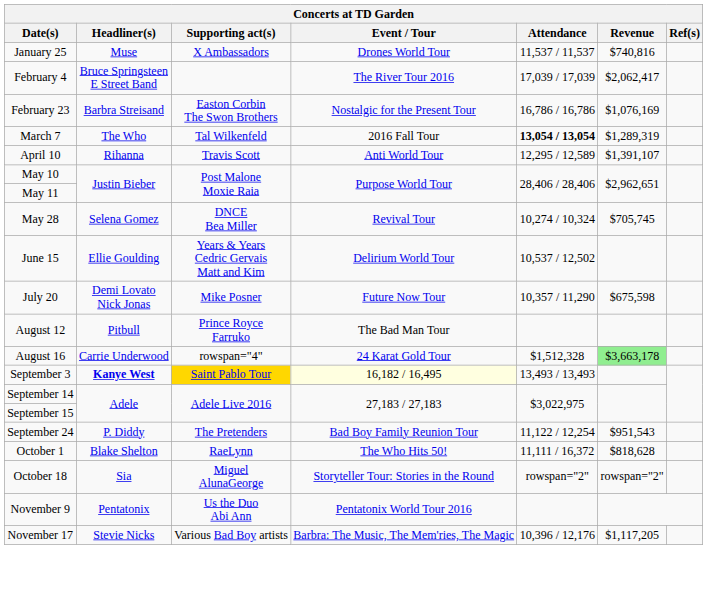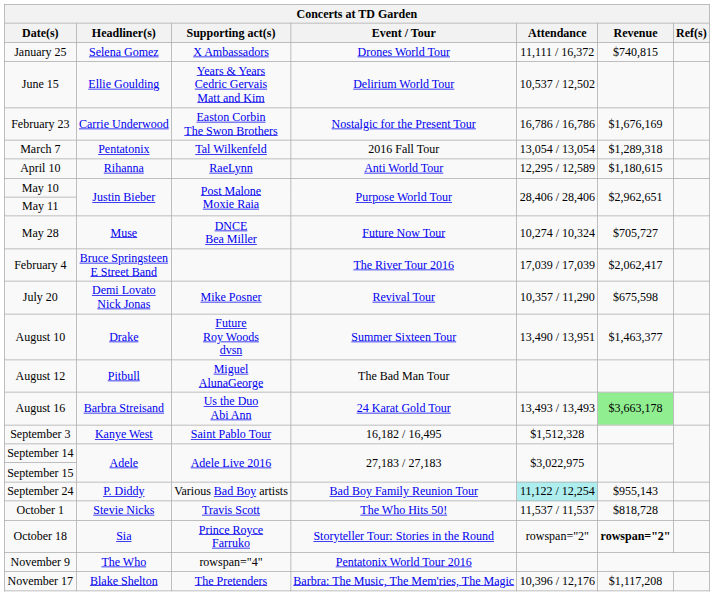 <table class="wikitable mw-collapsible mw-collapsed" style="text-align:center;">
 <tr>
 <th colspan="7">Concerts at TD Garden</th>
 </tr>
 <tr>
 <th>Date(s)</th>
 <th>Headliner(s)</th>
 <th>Supporting act(s)</th>
 <th>Event / Tour</th>
 <th>Attendance</th>
 <th>Revenue</th>
 <th>Ref(s)</th>
 </tr>
 <tr>
 <td>January 25</td>
-<td><a href='#'>Muse</a></td>
+<td><a href='#'>Selena Gomez</a></td>
 <td><a href='#'>X Ambassadors</a></td>
 <td><a href='#'>Drones World Tour</a></td>
-<td>11,537 / 11,537</td>
-<td>$740,816</td>
+<td>11,111 / 16,372</td>
+<td>$740,815</td>
 <td></td>
 </tr>
 <tr>
-<td>February 4</td>
-<td><a href='#'>Bruce Springsteen</a><br><a href='#'>E Street Band</a></td>
+<td>June 15</td>
+<td><a href='#'>Ellie Goulding</a></td>
+<td><a href='#'>Years & Years</a><br><a href='#'>Cedric Gervais</a><br><a href='#'>Matt and Kim</a></td>
+<td><a href='#'>Delirium World Tour</a></td>
+<td>10,537 / 12,502</td>
 <td></td>
-<td><a href='#'>The River Tour 2016</a></td>
-<td>17,039 / 17,039</td>
-<td>$2,062,417</td>
 <td></td>
 </tr>
 <tr>
 <td>February 23</td>
-<td><a href='#'>Barbra Streisand</a></td>
+<td><a href='#'>Carrie Underwood</a></td>
 <td><a href='#'>Easton Corbin</a><br><a href='#'>The Swon Brothers</a></td>
 <td><a href='#'>Nostalgic for the Present Tour</a></td>
 <td>16,786 / 16,786</td>
-<td>$1,076,169</td>
+<td>$1,676,169</td>
 <td></td>
 </tr>
 <tr>
 <td>March 7</td>
-<td><a href='#'>The Who</a></td>
+<td><a href='#'>Pentatonix</a></td>
 <td><a href='#'>Tal Wilkenfeld</a></td>
 <td>2016 Fall Tour</td>
-<td><strong>13,054 / 13,054</strong></td>
-<td>$1,289,319</td>
+<td>13,054 / 13,054</td>
+<td>$1,289,318</td>
 <td></td>
 </tr>
 <tr>
 <td>April 10</td>
 <td><a href='#'>Rihanna</a></td>
-<td><a href='#'>Travis Scott</a></td>
+<td><a href='#'>RaeLynn</a></td>
 <td><a href='#'>Anti World Tour</a></td>
 <td>12,295 / 12,589</td>
-<td>$1,391,107</td>
+<td>$1,180,615</td>
 <td></td>
 </tr>
 <tr>
 <td>May 10</td>
 <td rowspan="2"><a href='#'>Justin Bieber</a></td>
 <td rowspan="2"><a href='#'>Post Malone</a><br><a href='#'>Moxie Raia</a></td>
 <td rowspan="2"><a href='#'>Purpose World Tour</a></td>
 <td rowspan="2">28,406 / 28,406</td>
 <td rowspan="2">$2,962,651</td>
 <td rowspan="2"></td>
 </tr>
 <tr>
 <td>May 11</td>
 </tr>
 <tr>
 <td>May 28</td>
-<td><a href='#'>Selena Gomez</a></td>
+<td><a href='#'>Muse</a></td>
 <td><a href='#'>DNCE</a><br><a href='#'>Bea Miller</a></td>
-<td><a href='#'>Revival Tour</a></td>
+<td><a href='#'>Future Now Tour</a></td>
 <td>10,274 / 10,324</td>
-<td>$705,745</td>
+<td>$705,727</td>
 <td></td>
 </tr>
 <tr>
-<td>June 15</td>
-<td><a href='#'>Ellie Goulding</a></td>
-<td><a href='#'>Years & Years</a><br><a href='#'>Cedric Gervais</a><br><a href='#'>Matt and Kim</a></td>
-<td><a href='#'>Delirium World Tour</a></td>
-<td>10,537 / 12,502</td>
+<td>February 4</td>
+<td><a href='#'>Bruce Springsteen</a><br><a href='#'>E Street Band</a></td>
 <td></td>
+<td><a href='#'>The River Tour 2016</a></td>
+<td>17,039 / 17,039</td>
+<td>$2,062,417</td>
 <td></td>
 </tr>
 <tr>
 <td>July 20</td>
 <td><a href='#'>Demi Lovato</a><br><a href='#'>Nick Jonas</a></td>
 <td><a href='#'>Mike Posner</a></td>
-<td><a href='#'>Future Now Tour</a></td>
+<td><a href='#'>Revival Tour</a></td>
 <td>10,357 / 11,290</td>
 <td>$675,598</td>
 <td></td>
 </tr>
 <tr>
+<td>August 10</td>
+<td><a href='#'>Drake</a></td>
+<td><a href='#'>Future</a><br><a href='#'>Roy Woods</a><br><a href='#'>dvsn</a></td>
+<td><a href='#'>Summer Sixteen Tour</a></td>
+<td>13,490 / 13,951</td>
+<td>$1,463,377</td>
+<td></td>
+</tr>
+<tr>
 <td>August 12</td>
 <td><a href='#'>Pitbull</a></td>
-<td><a href='#'>Prince Royce</a><br><a href='#'>Farruko</a></td>
+<td><a href='#'>Miguel</a><br><a href='#'>AlunaGeorge</a></td>
 <td>The Bad Man Tour</td>
 <td></td>
 <td></td>
 <td></td>
 </tr>
 <tr>
 <td>August 16</td>
-<td><a href='#'>Carrie Underwood</a></td>
-<td>rowspan="4" </td>
+<td><a href='#'>Barbra Streisand</a></td>
+<td><a href='#'>Us the Duo</a><br><a href='#'>Abi Ann</a></td>
 <td><a href='#'>24 Karat Gold Tour</a></td>
-<td>$1,512,328</td>
+<td>13,493 / 13,493</td>
 <td style="background: lightgreen;">$3,663,178</td>
 <td></td>
 </tr>
 <tr>
 <td>September 3</td>
-<td><strong><a href='#'>Kanye West</a></strong></td>
-<td style="background: gold;"><a href='#'>Saint Pablo Tour</a></td>
-<td style="background: lightyellow;">16,182 / 16,495</td>
-<td>13,493 / 13,493</td>
+<td><a href='#'>Kanye West</a></td>
+<td><a href='#'>Saint Pablo Tour</a></td>
+<td>16,182 / 16,495</td>
+<td>$1,512,328</td>
 <td></td>
 </tr>
 <tr>
 <td>September 14</td>
 <td rowspan="2"><a href='#'>Adele</a></td>
 <td rowspan="2"><a href='#'>Adele Live 2016</a></td>
 <td rowspan="2">27,183 / 27,183</td>
 <td rowspan="2">$3,022,975</td>
 <td rowspan="2"></td>
 </tr>
 <tr>
 <td>September 15</td>
 </tr>
 <tr>
 <td>September 24</td>
 <td><a href='#'>P. Diddy</a></td>
-<td><a href='#'>The Pretenders</a></td>
+<td>Various <a href='#'>Bad Boy</a> artists</td>
 <td><a href='#'>Bad Boy Family Reunion Tour</a></td>
-<td>11,122 / 12,254</td>
-<td>$951,543</td>
+<td style="background: paleturquoise;">11,122 / 12,254</td>
+<td>$955,143</td>
 <td></td>
 </tr>
 <tr>
 <td>October 1</td>
-<td><a href='#'>Blake Shelton</a></td>
-<td><a href='#'>RaeLynn</a></td>
+<td><a href='#'>Stevie Nicks</a></td>
+<td><a href='#'>Travis Scott</a></td>
 <td><a href='#'>The Who Hits 50!</a></td>
-<td>11,111 / 16,372</td>
-<td>$818,628</td>
+<td>11,537 / 11,537</td>
+<td>$818,728</td>
 <td></td>
 </tr>
 <tr>
 <td>October 18</td>
 <td><a href='#'>Sia</a></td>
-<td><a href='#'>Miguel</a><br><a href='#'>AlunaGeorge</a></td>
+<td><a href='#'>Prince Royce</a><br><a href='#'>Farruko</a></td>
 <td><a href='#'>Storyteller Tour: Stories in the Round</a></td>
 <td>rowspan="2" </td>
-<td>rowspan="2" </td>
+<td><strong>rowspan="2" </strong></td>
 <td></td>
 </tr>
 <tr>
 <td>November 9</td>
-<td><a href='#'>Pentatonix</a></td>
-<td><a href='#'>Us the Duo</a><br><a href='#'>Abi Ann</a></td>
+<td><a href='#'>The Who</a></td>
+<td>rowspan="4" </td>
 <td><a href='#'>Pentatonix World Tour 2016</a></td>
 <td></td>
 </tr>
 <tr>
 <td>November 17</td>
-<td><a href='#'>Stevie Nicks</a></td>
-<td>Various <a href='#'>Bad Boy</a> artists</td>
+<td><a href='#'>Blake Shelton</a></td>
+<td><a href='#'>The Pretenders</a></td>
 <td><a href='#'>Barbra: The Music, The Mem'ries, The Magic</a></td>
 <td>10,396 / 12,176</td>
-<td>$1,117,205</td>
+<td>$1,117,208</td>
 <td></td>
 </tr>
 </table>
